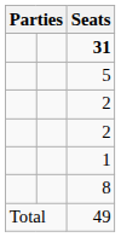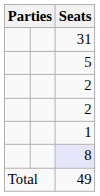 <table class="wikitable" style="text-align:left;">
 <tr>
 <th colspan="2" style="text-align:left;">Parties</th>
 <th>Seats</th>
 </tr>
 <tr>
 <td></td>
 <td></td>
-<td style="text-align:right;"><strong>31</strong></td>
+<td style="text-align:right;">31</td>
 </tr>
 <tr>
 <td></td>
 <td></td>
 <td style="text-align:right;">5</td>
 </tr>
 <tr>
 <td></td>
 <td></td>
 <td style="text-align:right;">2</td>
 </tr>
 <tr>
 <td></td>
 <td></td>
 <td style="text-align:right;">2</td>
 </tr>
 <tr>
 <td></td>
 <td></td>
 <td style="text-align:right;">1</td>
 </tr>
 <tr>
 <td></td>
 <td></td>
-<td style="text-align:right;">8</td>
+<td style="background: lavender; text-align:right;">8</td>
 </tr>
 <tr>
 <td colspan="2" style="text-align:left;">Total</td>
 <td style="text-align:right;">49</td>
 </tr>
 </table>
